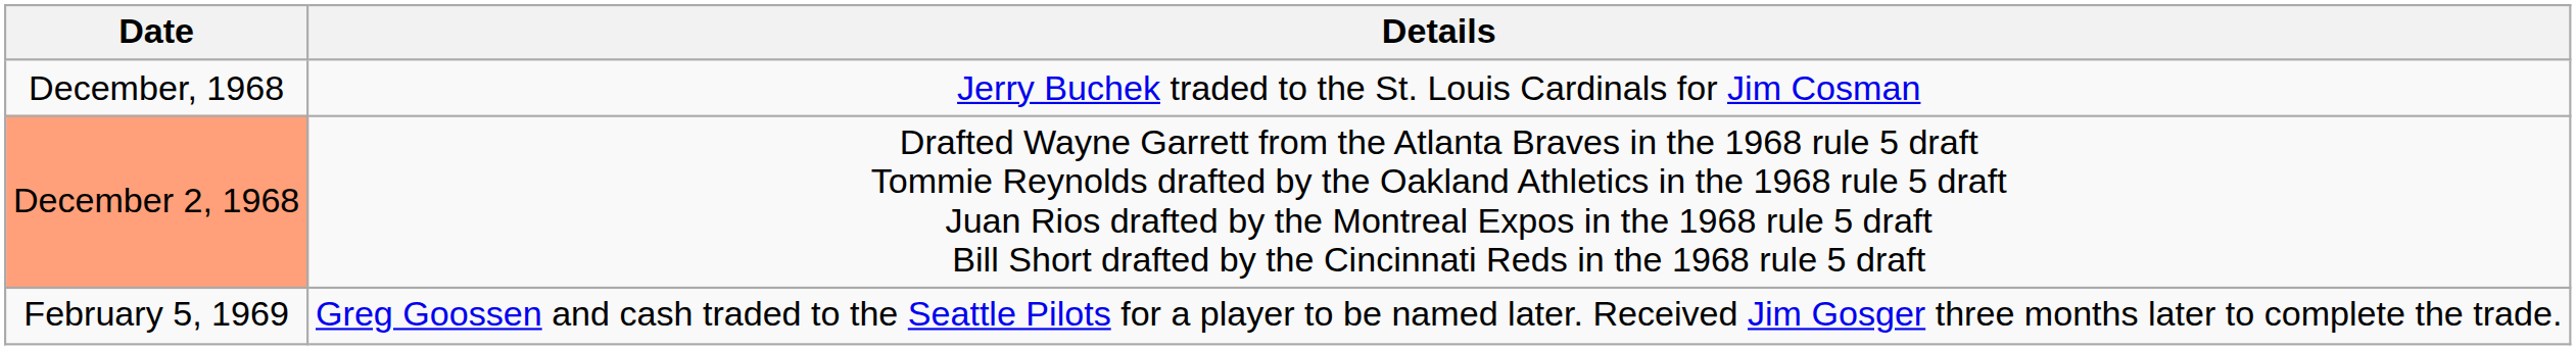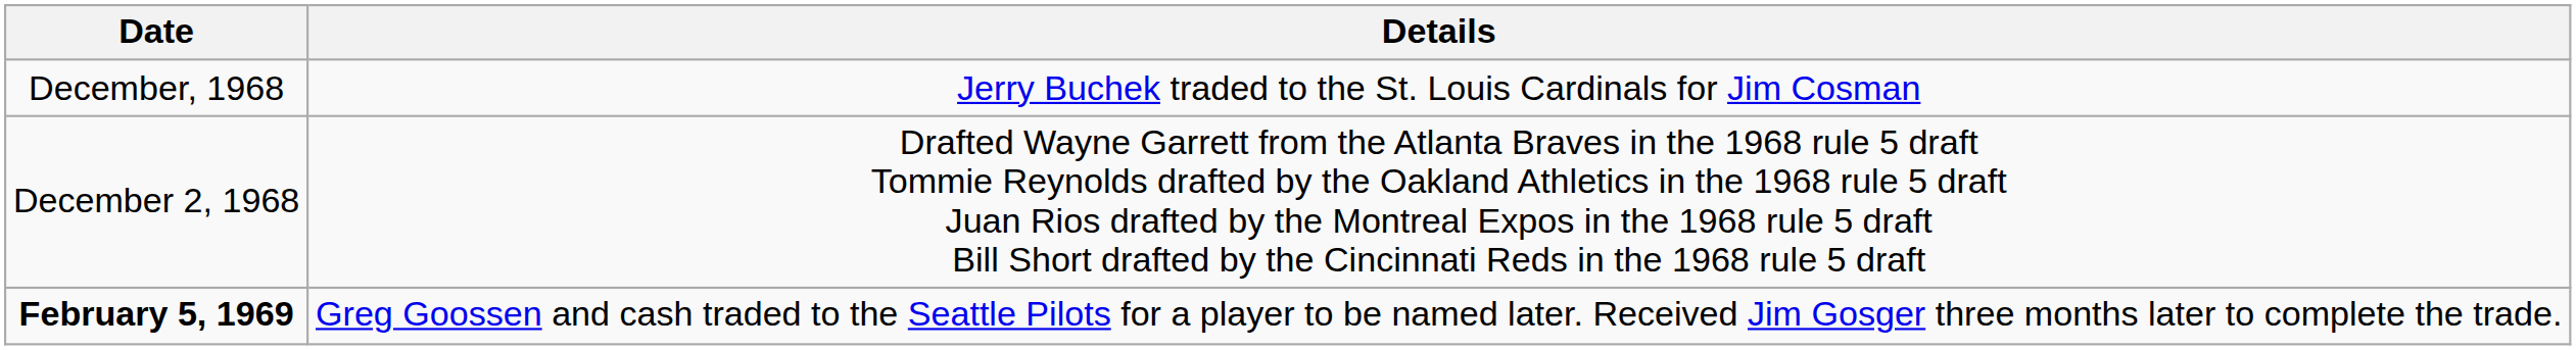 <table class="wikitable">
 <tr>
 <th>Date</th>
 <th colspan="2">Details</th>
 </tr>
 <tr align="center">
 <td>December, 1968</td>
 <td><a href='#'>Jerry Buchek</a> traded to the St. Louis Cardinals for <a href='#'>Jim Cosman</a></td>
 </tr>
 <tr align="center">
-<td style="background: lightsalmon;">December 2, 1968</td>
+<td>December 2, 1968</td>
 <td>Drafted Wayne Garrett from the Atlanta Braves in the 1968 rule 5 draft<br>Tommie Reynolds drafted by the Oakland Athletics in the 1968 rule 5 draft<br>Juan Rios drafted by the Montreal Expos in the 1968 rule 5 draft<br>Bill Short drafted by the Cincinnati Reds in the 1968 rule 5 draft</td>
 </tr>
 <tr align="center">
-<td>February 5, 1969</td>
+<td><strong>February 5, 1969</strong></td>
 <td><a href='#'>Greg Goossen</a> and cash traded to the <a href='#'>Seattle Pilots</a> for a player to be named later. Received <a href='#'>Jim Gosger</a> three months later to complete the trade.</td>
 </tr>
 </table>
